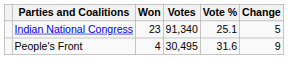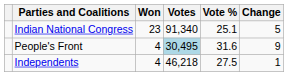 <table class="wikitable sortable">
 <tr valign="top">
 <th></th>
 <th>Parties and Coalitions</th>
 <th>Won</th>
 <th>Votes</th>
 <th>Vote %</th>
 <th>Change</th>
 </tr>
 <tr>
 <td style="background-color:"> </td>
 <td style="text-align:left;"><a href='#'>Indian National Congress</a></td>
 <td align="right">23</td>
 <td align="right">91,340</td>
 <td align="right">25.1</td>
 <td align="right">5</td>
 </tr>
 <tr>
 <td style="background-color:"> </td>
 <td style="text-align:left;">People's Front</td>
 <td align="right">4</td>
-<td align="right">30,495</td>
+<td align="right" style="background: lightblue;">30,495</td>
 <td align="right">31.6</td>
 <td align="right">9</td>
 </tr>
+<tr>
+<td style="background-color:"> </td>
+<td style="text-align:left;"><a href='#'>Independents</a></td>
+<td align="right">4</td>
+<td align="right">46,218</td>
+<td align="right">27.5</td>
+<td align="right">1</td>
+</tr>
 </table>
